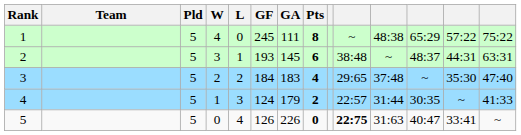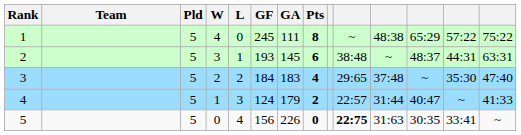 <table class="wikitable">
 <tr>
 <th bgcolor="#efefef">Rank</th>
 <th bgcolor="#efefef" width="160">Team</th>
 <th bgcolor="#efefef" width="20">Pld</th>
 <th bgcolor="#efefef" width="20">W</th>
 <th bgcolor="#efefef" width="20">L</th>
 <th bgcolor="#efefef" width="20">GF</th>
 <th bgcolor="#efefef" width="20">GA</th>
 <th bgcolor="#efefef" width="20">Pts</th>
 <th bgcolor="#efefef"></th>
 <th bgcolor="#efefef" width="20"></th>
 <th bgcolor="#efefef" width="20"></th>
 <th bgcolor="#efefef" width="20"></th>
 <th bgcolor="#efefef" width="20"></th>
 <th bgcolor="#efefef" width="20"></th>
 </tr>
 <tr align=center bgcolor="#ccffcc">
 <td>1</td>
 <td align=left></td>
 <td>5</td>
 <td>4</td>
 <td>0</td>
 <td>245</td>
 <td>111</td>
 <td><strong>8</strong></td>
 <td></td>
 <td>~</td>
 <td>48:38</td>
 <td>65:29</td>
 <td>57:22</td>
 <td>75:22</td>
 </tr>
 <tr align=center bgcolor="#ccffcc">
 <td>2</td>
 <td align=left></td>
 <td>5</td>
 <td>3</td>
 <td>1</td>
 <td>193</td>
 <td>145</td>
 <td><strong>6</strong></td>
 <td></td>
 <td>38:48</td>
 <td>~</td>
 <td>48:37</td>
 <td>44:31</td>
 <td>63:31</td>
 </tr>
 <tr align=center bgcolor="#9BDDFF">
 <td>3</td>
 <td align=left></td>
 <td>5</td>
 <td>2</td>
 <td>2</td>
 <td>184</td>
 <td>183</td>
 <td><strong>4</strong></td>
 <td></td>
 <td>29:65</td>
 <td>37:48</td>
 <td>~</td>
 <td>35:30</td>
 <td>47:40</td>
 </tr>
 <tr align=center bgcolor="#9BDDFF">
 <td>4</td>
 <td align=left></td>
 <td>5</td>
 <td>1</td>
 <td>3</td>
 <td>124</td>
 <td>179</td>
 <td><strong>2</strong></td>
 <td></td>
 <td>22:57</td>
 <td>31:44</td>
-<td>30:35</td>
+<td>40:47</td>
 <td>~</td>
 <td>41:33</td>
 </tr>
 <tr align=center>
 <td>5</td>
 <td align=left></td>
 <td>5</td>
 <td>0</td>
 <td>4</td>
-<td>126</td>
+<td>156</td>
 <td>226</td>
 <td><strong>0</strong></td>
 <td></td>
 <td><strong>22:75</strong></td>
 <td>31:63</td>
-<td>40:47</td>
+<td>30:35</td>
 <td>33:41</td>
 <td>~</td>
 </tr>
 </table>
